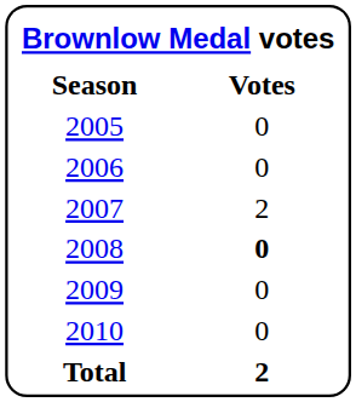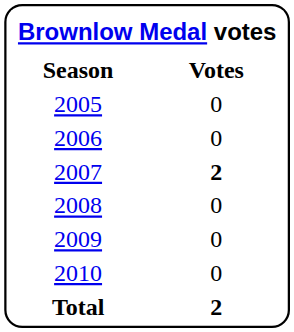 <table table style="margin-right: 4px; margin-top: 8px; float: right; border: 1px #000000 solid; border-radius: 8px; background: #FFFFFF; font-family: Verdana; font-size: 8pt; text-align: center;">
 <tr style="background:#FFFFFF;">
 <td colspan=2; style="padding: 3px; margin-bottom: -3px; margin-top: 2px; font-family: Arial; background:#FFFFFF;"><strong><a href='#'>Brownlow Medal</a> votes</strong></td>
 </tr>
 <tr>
 <th width=50%>Season</th>
 <th width=50%>Votes</th>
 </tr>
 <tr>
 <td><a href='#'>2005</a></td>
 <td>0</td>
 </tr>
 <tr>
 <td><a href='#'>2006</a></td>
 <td>0</td>
 </tr>
 <tr>
 <td><a href='#'>2007</a></td>
-<td>2</td>
+<td><strong>2</strong></td>
 </tr>
 <tr>
 <td><a href='#'>2008</a></td>
-<td><strong>0</strong></td>
+<td>0</td>
 </tr>
 <tr>
 <td><a href='#'>2009</a></td>
 <td>0</td>
 </tr>
 <tr>
 <td><a href='#'>2010</a></td>
 <td>0</td>
 </tr>
 <tr>
 <td><strong>Total</strong></td>
 <td><strong>2</strong></td>
 </tr>
 </table>
